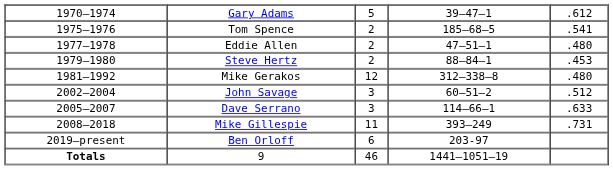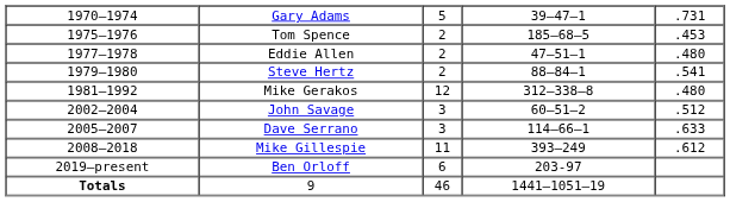 <table cellpadding="1" border="1" cellspacing="0" style="width:57%;">
 <tr style="text-align:center">
 </tr>
 <tr style="text-align:center;">
 <td>1970–1974</td>
 <td><a href='#'>Gary Adams</a></td>
 <td>5</td>
 <td>39–47–1</td>
-<td>.612</td>
+<td>.731</td>
 </tr>
 <tr style="text-align:center;">
 <td>1975–1976</td>
 <td>Tom Spence</td>
 <td>2</td>
 <td>185–68–5</td>
-<td>.541</td>
+<td>.453</td>
 </tr>
 <tr style="text-align:center;">
 <td>1977–1978</td>
 <td>Eddie Allen</td>
 <td>2</td>
 <td>47–51–1</td>
 <td>.480</td>
 </tr>
 <tr style="text-align:center;">
 <td>1979–1980</td>
 <td><a href='#'>Steve Hertz</a></td>
 <td>2</td>
 <td>88–84–1</td>
-<td>.453</td>
+<td>.541</td>
 </tr>
 <tr style="text-align:center;">
 <td>1981–1992</td>
 <td>Mike Gerakos</td>
 <td>12</td>
 <td>312–338–8</td>
 <td>.480</td>
 </tr>
 <tr style="text-align:center;">
 <td>2002–2004</td>
 <td><a href='#'>John Savage</a></td>
 <td>3</td>
 <td>60–51–2</td>
 <td>.512</td>
 </tr>
 <tr style="text-align:center;">
 <td>2005–2007</td>
 <td><a href='#'>Dave Serrano</a></td>
 <td>3</td>
 <td>114–66–1</td>
 <td>.633</td>
 </tr>
 <tr style="text-align:center;">
 <td>2008–2018</td>
 <td><a href='#'>Mike Gillespie</a></td>
 <td>11</td>
 <td>393–249</td>
-<td>.731</td>
+<td>.612</td>
 </tr>
 <tr style="text-align:center;">
 <td>2019–present</td>
 <td><a href='#'>Ben Orloff</a></td>
 <td>6</td>
 <td>203-97</td>
 <td></td>
 </tr>
 <tr style="text-align:center; ">
 <td><strong>Totals</strong></td>
 <td>9</td>
 <td>46</td>
 <td>1441–1051–19</td>
 <td></td>
 </tr>
 </table>
